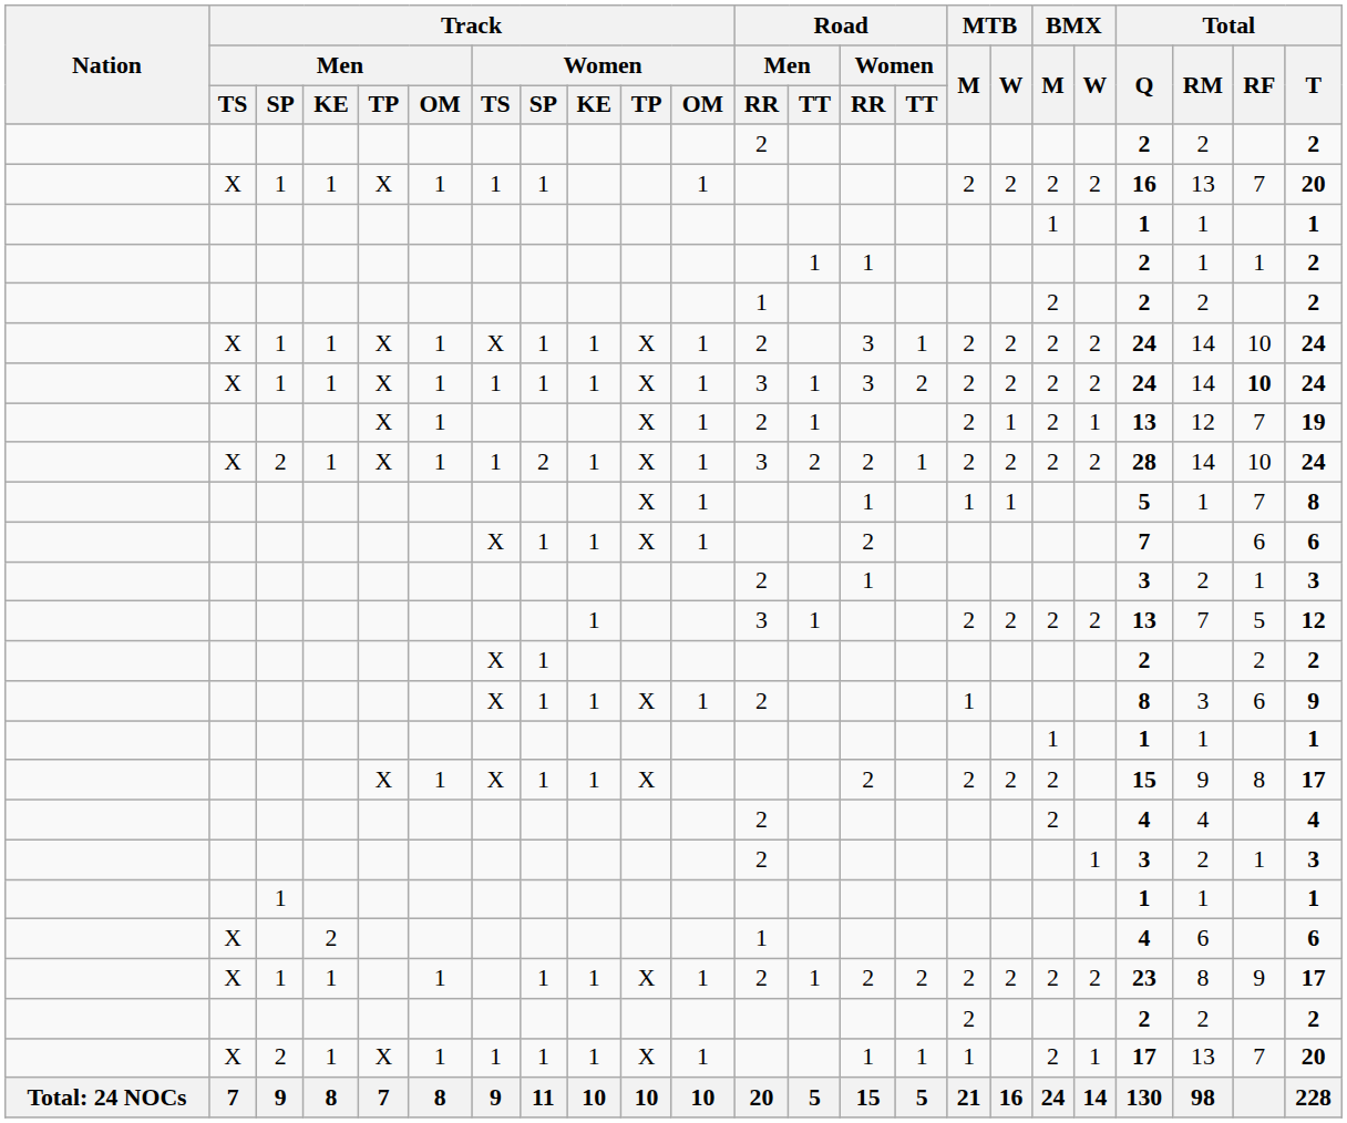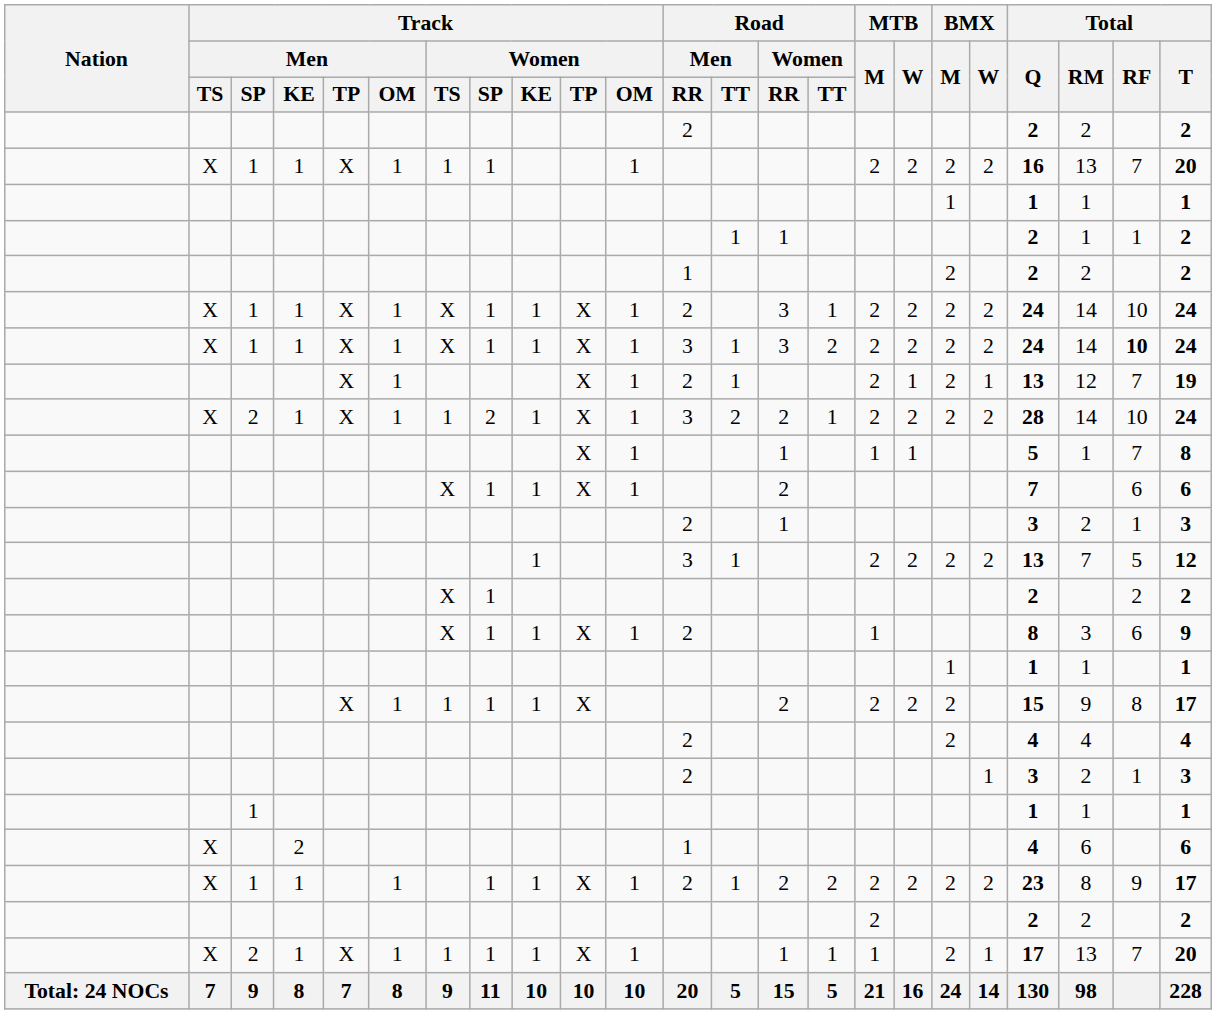 <table class="wikitable"  style="width:800px; text-align:center; font-size:90%;">
 <tr>
 <th rowspan="3" style="text-align:center;">Nation</th>
 <th colspan=10>Track</th>
 <th colspan=4>Road</th>
 <th colspan=2>MTB</th>
 <th colspan=2>BMX</th>
 <th colspan=4>Total</th>
 </tr>
 <tr>
 <th colspan=5>Men</th>
 <th colspan=5>Women</th>
 <th colspan=2>Men</th>
 <th colspan=2>Women</th>
 <th rowspan=2>M</th>
 <th rowspan=2>W</th>
 <th rowspan=2>M</th>
 <th rowspan=2>W</th>
 <th rowspan=2>Q</th>
 <th rowspan=2>RM</th>
 <th rowspan=2>RF</th>
 <th rowspan=2>T</th>
 </tr>
 <tr>
 <th>TS</th>
 <th>SP</th>
 <th>KE</th>
 <th>TP</th>
 <th>OM</th>
 <th>TS</th>
 <th>SP</th>
 <th>KE</th>
 <th>TP</th>
 <th>OM</th>
 <th>RR</th>
 <th>TT</th>
 <th>RR</th>
 <th>TT</th>
 </tr>
 <tr>
 <td align=left></td>
 <td></td>
 <td></td>
 <td></td>
 <td></td>
 <td></td>
 <td></td>
 <td></td>
 <td></td>
 <td></td>
 <td></td>
 <td>2</td>
 <td></td>
 <td></td>
 <td></td>
 <td></td>
 <td></td>
 <td></td>
 <td></td>
 <td><strong>2</strong></td>
 <td>2</td>
 <td></td>
 <td><strong>2</strong></td>
 </tr>
 <tr>
 <td align=left></td>
 <td>X</td>
 <td>1</td>
 <td>1</td>
 <td>X</td>
 <td>1</td>
 <td>1</td>
 <td>1</td>
 <td></td>
 <td></td>
 <td>1</td>
 <td></td>
 <td></td>
 <td></td>
 <td></td>
 <td>2</td>
 <td>2</td>
 <td>2</td>
 <td>2</td>
 <td><strong>16</strong></td>
 <td>13</td>
 <td>7</td>
 <td><strong>20</strong></td>
 </tr>
 <tr>
 <td align=left></td>
 <td></td>
 <td></td>
 <td></td>
 <td></td>
 <td></td>
 <td></td>
 <td></td>
 <td></td>
 <td></td>
 <td></td>
 <td></td>
 <td></td>
 <td></td>
 <td></td>
 <td></td>
 <td></td>
 <td>1</td>
 <td></td>
 <td><strong>1</strong></td>
 <td>1</td>
 <td></td>
 <td><strong>1</strong></td>
 </tr>
 <tr>
 <td align=left></td>
 <td></td>
 <td></td>
 <td></td>
 <td></td>
 <td></td>
 <td></td>
 <td></td>
 <td></td>
 <td></td>
 <td></td>
 <td></td>
 <td>1</td>
 <td>1</td>
 <td></td>
 <td></td>
 <td></td>
 <td></td>
 <td></td>
 <td><strong>2</strong></td>
 <td>1</td>
 <td>1</td>
 <td><strong>2</strong></td>
 </tr>
 <tr>
 <td align=left></td>
 <td></td>
 <td></td>
 <td></td>
 <td></td>
 <td></td>
 <td></td>
 <td></td>
 <td></td>
 <td></td>
 <td></td>
 <td>1</td>
 <td></td>
 <td></td>
 <td></td>
 <td></td>
 <td></td>
 <td>2</td>
 <td></td>
 <td><strong>2</strong></td>
 <td>2</td>
 <td></td>
 <td><strong>2</strong></td>
 </tr>
 <tr>
 <td align=left></td>
 <td>X</td>
 <td>1</td>
 <td>1</td>
 <td>X</td>
 <td>1</td>
 <td>X</td>
 <td>1</td>
 <td>1</td>
 <td>X</td>
 <td>1</td>
 <td>2</td>
 <td></td>
 <td>3</td>
 <td>1</td>
 <td>2</td>
 <td>2</td>
 <td>2</td>
 <td>2</td>
 <td><strong>24</strong></td>
 <td>14</td>
 <td>10</td>
 <td><strong>24</strong></td>
 </tr>
 <tr>
 <td align=left></td>
 <td>X</td>
 <td>1</td>
 <td>1</td>
 <td>X</td>
 <td>1</td>
-<td>1</td>
+<td>X</td>
 <td>1</td>
 <td>1</td>
 <td>X</td>
 <td>1</td>
 <td>3</td>
 <td>1</td>
 <td>3</td>
 <td>2</td>
 <td>2</td>
 <td>2</td>
 <td>2</td>
 <td>2</td>
 <td><strong>24</strong></td>
 <td>14</td>
 <td><strong>10</strong></td>
 <td><strong>24</strong></td>
 </tr>
 <tr>
 <td align=left></td>
 <td></td>
 <td></td>
 <td></td>
 <td>X</td>
 <td>1</td>
 <td></td>
 <td></td>
 <td></td>
 <td>X</td>
 <td>1</td>
 <td>2</td>
 <td>1</td>
 <td></td>
 <td></td>
 <td>2</td>
 <td>1</td>
 <td>2</td>
 <td>1</td>
 <td><strong>13</strong></td>
 <td>12</td>
 <td>7</td>
 <td><strong>19</strong></td>
 </tr>
 <tr>
 <td align=left></td>
 <td>X</td>
 <td>2</td>
 <td>1</td>
 <td>X</td>
 <td>1</td>
 <td>1</td>
 <td>2</td>
 <td>1</td>
 <td>X</td>
 <td>1</td>
 <td>3</td>
 <td>2</td>
 <td>2</td>
 <td>1</td>
 <td>2</td>
 <td>2</td>
 <td>2</td>
 <td>2</td>
 <td><strong>28</strong></td>
 <td>14</td>
 <td>10</td>
 <td><strong>24</strong></td>
 </tr>
 <tr>
 <td align=left></td>
 <td></td>
 <td></td>
 <td></td>
 <td></td>
 <td></td>
 <td></td>
 <td></td>
 <td></td>
 <td>X</td>
 <td>1</td>
 <td></td>
 <td></td>
 <td>1</td>
 <td></td>
 <td>1</td>
 <td>1</td>
 <td></td>
 <td></td>
 <td><strong>5</strong></td>
 <td>1</td>
 <td>7</td>
 <td><strong>8</strong></td>
 </tr>
 <tr>
 <td align=left></td>
 <td></td>
 <td></td>
 <td></td>
 <td></td>
 <td></td>
 <td>X</td>
 <td>1</td>
 <td>1</td>
 <td>X</td>
 <td>1</td>
 <td></td>
 <td></td>
 <td>2</td>
 <td></td>
 <td></td>
 <td></td>
 <td></td>
 <td></td>
 <td><strong>7</strong></td>
 <td></td>
 <td>6</td>
 <td><strong>6</strong></td>
 </tr>
 <tr>
 <td align=left></td>
 <td></td>
 <td></td>
 <td></td>
 <td></td>
 <td></td>
 <td></td>
 <td></td>
 <td></td>
 <td></td>
 <td></td>
 <td>2</td>
 <td></td>
 <td>1</td>
 <td></td>
 <td></td>
 <td></td>
 <td></td>
 <td></td>
 <td><strong>3</strong></td>
 <td>2</td>
 <td>1</td>
 <td><strong>3</strong></td>
 </tr>
 <tr>
 <td align=left></td>
 <td></td>
 <td></td>
 <td></td>
 <td></td>
 <td></td>
 <td></td>
 <td></td>
 <td>1</td>
 <td></td>
 <td></td>
 <td>3</td>
 <td>1</td>
 <td></td>
 <td></td>
 <td>2</td>
 <td>2</td>
 <td>2</td>
 <td>2</td>
 <td><strong>13</strong></td>
 <td>7</td>
 <td>5</td>
 <td><strong>12</strong></td>
 </tr>
 <tr>
 <td align=left></td>
 <td></td>
 <td></td>
 <td></td>
 <td></td>
 <td></td>
 <td>X</td>
 <td>1</td>
 <td></td>
 <td></td>
 <td></td>
 <td></td>
 <td></td>
 <td></td>
 <td></td>
 <td></td>
 <td></td>
 <td></td>
 <td></td>
 <td><strong>2</strong></td>
 <td></td>
 <td>2</td>
 <td><strong>2</strong></td>
 </tr>
 <tr>
 <td align=left></td>
 <td></td>
 <td></td>
 <td></td>
 <td></td>
 <td></td>
 <td>X</td>
 <td>1</td>
 <td>1</td>
 <td>X</td>
 <td>1</td>
 <td>2</td>
 <td></td>
 <td></td>
 <td></td>
 <td>1</td>
 <td></td>
 <td></td>
 <td></td>
 <td><strong>8</strong></td>
 <td>3</td>
 <td>6</td>
 <td><strong>9</strong></td>
 </tr>
 <tr>
 <td align=left></td>
 <td></td>
 <td></td>
 <td></td>
 <td></td>
 <td></td>
 <td></td>
 <td></td>
 <td></td>
 <td></td>
 <td></td>
 <td></td>
 <td></td>
 <td></td>
 <td></td>
 <td></td>
 <td></td>
 <td>1</td>
 <td></td>
 <td><strong>1</strong></td>
 <td>1</td>
 <td></td>
 <td><strong>1</strong></td>
 </tr>
 <tr>
 <td align=left></td>
 <td></td>
 <td></td>
 <td></td>
 <td>X</td>
 <td>1</td>
-<td>X</td>
+<td>1</td>
 <td>1</td>
 <td>1</td>
 <td>X</td>
 <td></td>
 <td></td>
 <td></td>
 <td>2</td>
 <td></td>
 <td>2</td>
 <td>2</td>
 <td>2</td>
 <td></td>
 <td><strong>15</strong></td>
 <td>9</td>
 <td>8</td>
 <td><strong>17</strong></td>
 </tr>
 <tr>
 <td align=left></td>
 <td></td>
 <td></td>
 <td></td>
 <td></td>
 <td></td>
 <td></td>
 <td></td>
 <td></td>
 <td></td>
 <td></td>
 <td>2</td>
 <td></td>
 <td></td>
 <td></td>
 <td></td>
 <td></td>
 <td>2</td>
 <td></td>
 <td><strong>4</strong></td>
 <td>4</td>
 <td></td>
 <td><strong>4</strong></td>
 </tr>
 <tr>
 <td align=left></td>
 <td></td>
 <td></td>
 <td></td>
 <td></td>
 <td></td>
 <td></td>
 <td></td>
 <td></td>
 <td></td>
 <td></td>
 <td>2</td>
 <td></td>
 <td></td>
 <td></td>
 <td></td>
 <td></td>
 <td></td>
 <td>1</td>
 <td><strong>3</strong></td>
 <td>2</td>
 <td>1</td>
 <td><strong>3</strong></td>
 </tr>
 <tr>
 <td align=left></td>
 <td></td>
 <td>1</td>
 <td></td>
 <td></td>
 <td></td>
 <td></td>
 <td></td>
 <td></td>
 <td></td>
 <td></td>
 <td></td>
 <td></td>
 <td></td>
 <td></td>
 <td></td>
 <td></td>
 <td></td>
 <td></td>
 <td><strong>1</strong></td>
 <td>1</td>
 <td></td>
 <td><strong>1</strong></td>
 </tr>
 <tr>
 <td align=left></td>
 <td>X</td>
 <td></td>
 <td>2</td>
 <td></td>
 <td></td>
 <td></td>
 <td></td>
 <td></td>
 <td></td>
 <td></td>
 <td>1</td>
 <td></td>
 <td></td>
 <td></td>
 <td></td>
 <td></td>
 <td></td>
 <td></td>
 <td><strong>4</strong></td>
 <td>6</td>
 <td></td>
 <td><strong>6</strong></td>
 </tr>
 <tr>
 <td align=left></td>
 <td>X</td>
 <td>1</td>
 <td>1</td>
 <td></td>
 <td>1</td>
 <td></td>
 <td>1</td>
 <td>1</td>
 <td>X</td>
 <td>1</td>
 <td>2</td>
 <td>1</td>
 <td>2</td>
 <td>2</td>
 <td>2</td>
 <td>2</td>
 <td>2</td>
 <td>2</td>
 <td><strong>23</strong></td>
 <td>8</td>
 <td>9</td>
 <td><strong>17</strong></td>
 </tr>
 <tr>
 <td align=left></td>
 <td></td>
 <td></td>
 <td></td>
 <td></td>
 <td></td>
 <td></td>
 <td></td>
 <td></td>
 <td></td>
 <td></td>
 <td></td>
 <td></td>
 <td></td>
 <td></td>
 <td>2</td>
 <td></td>
 <td></td>
 <td></td>
 <td><strong>2</strong></td>
 <td>2</td>
 <td></td>
 <td><strong>2</strong></td>
 </tr>
 <tr>
 <td align=left></td>
 <td>X</td>
 <td>2</td>
 <td>1</td>
 <td>X</td>
 <td>1</td>
 <td>1</td>
 <td>1</td>
 <td>1</td>
 <td>X</td>
 <td>1</td>
 <td></td>
 <td></td>
 <td>1</td>
 <td>1</td>
 <td>1</td>
 <td></td>
 <td>2</td>
 <td>1</td>
 <td><strong>17</strong></td>
 <td>13</td>
 <td>7</td>
 <td><strong>20</strong></td>
 </tr>
 <tr>
 <th>Total: 24 NOCs</th>
 <th>7</th>
 <th>9</th>
 <th>8</th>
 <th>7</th>
 <th>8</th>
 <th>9</th>
 <th>11</th>
 <th>10</th>
 <th>10</th>
 <th>10</th>
 <th>20</th>
 <th>5</th>
 <th>15</th>
 <th>5</th>
 <th>21</th>
 <th>16</th>
 <th>24</th>
 <th>14</th>
 <th>130</th>
 <th>98</th>
 <th></th>
 <th>228</th>
 </tr>
 </table>
